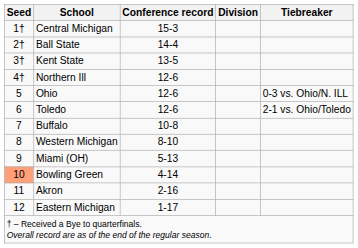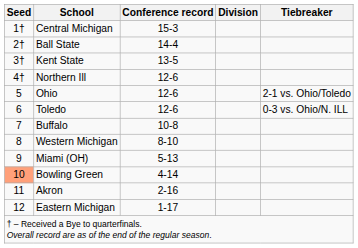 <table class="wikitable" style="text-align:center">
 <tr>
 <th>Seed</th>
 <th>School</th>
 <th>Conference record</th>
 <th>Division</th>
 <th>Tiebreaker</th>
 </tr>
 <tr>
 <td>1†</td>
 <td align=left>Central Michigan</td>
 <td>15-3</td>
 <td></td>
 <td align=left></td>
 </tr>
 <tr>
 <td>2†</td>
 <td align=left>Ball State</td>
 <td>14-4</td>
 <td></td>
 <td align=left></td>
 </tr>
 <tr>
 <td>3†</td>
 <td align=left>Kent State</td>
 <td>13-5</td>
 <td></td>
 <td align=left></td>
 </tr>
 <tr>
 <td>4†</td>
 <td align=left>Northern Ill</td>
 <td>12-6</td>
 <td></td>
 <td align=left></td>
 </tr>
 <tr>
 <td>5</td>
 <td align=left>Ohio</td>
 <td>12-6</td>
 <td></td>
-<td align=left>0-3 vs. Ohio/N. ILL</td>
+<td align=left>2-1 vs. Ohio/Toledo</td>
 </tr>
 <tr>
 <td>6</td>
 <td align=left>Toledo</td>
 <td>12-6</td>
 <td></td>
-<td align=left>2-1 vs. Ohio/Toledo</td>
+<td align=left>0-3 vs. Ohio/N. ILL</td>
 </tr>
 <tr>
 <td>7</td>
 <td align=left>Buffalo</td>
 <td>10-8</td>
 <td></td>
 <td align=left></td>
 </tr>
 <tr>
 <td>8</td>
 <td align=left>Western Michigan</td>
 <td>8-10</td>
 <td></td>
 <td align=left></td>
 </tr>
 <tr>
 <td>9</td>
 <td align=left>Miami (OH)</td>
 <td>5-13</td>
 <td></td>
 <td align=left></td>
 </tr>
 <tr>
 <td style="background: lightsalmon;">10</td>
 <td align=left>Bowling Green</td>
 <td>4-14</td>
 <td></td>
 <td align=left></td>
 </tr>
 <tr>
 <td>11</td>
 <td align=left>Akron</td>
 <td>2-16</td>
 <td></td>
 <td align=left></td>
 </tr>
 <tr>
 <td>12</td>
 <td align=left>Eastern Michigan</td>
 <td>1-17</td>
 <td></td>
 <td align=left></td>
 </tr>
 <tr>
 <td colspan="5" style="text-align:left;"><small>† – Received a Bye to quarterfinals. <br><em>Overall record are as of the end of the regular season</em>.</small></td>
 </tr>
 </table>
